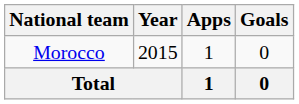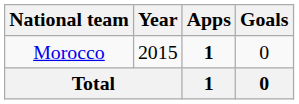 <table class="wikitable" style="text-align:center">
 <tr>
 <th>National team</th>
 <th>Year</th>
 <th>Apps</th>
 <th>Goals</th>
 </tr>
 <tr>
 <td><a href='#'>Morocco</a></td>
 <td>2015</td>
-<td>1</td>
+<td><strong>1</strong></td>
 <td>0</td>
 </tr>
 <tr>
 <th colspan="2">Total</th>
 <th>1</th>
 <th>0</th>
 </tr>
 </table>
